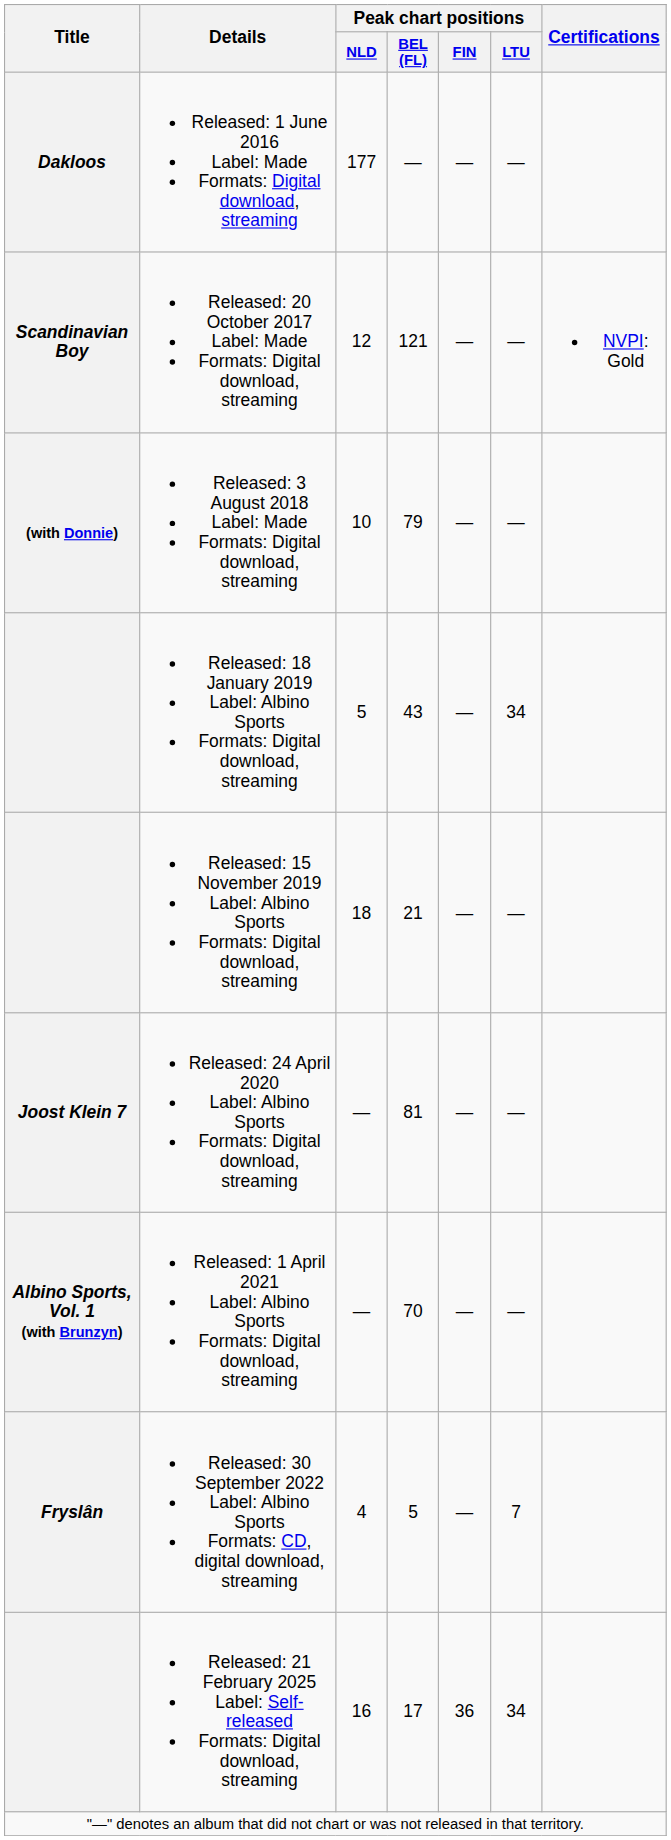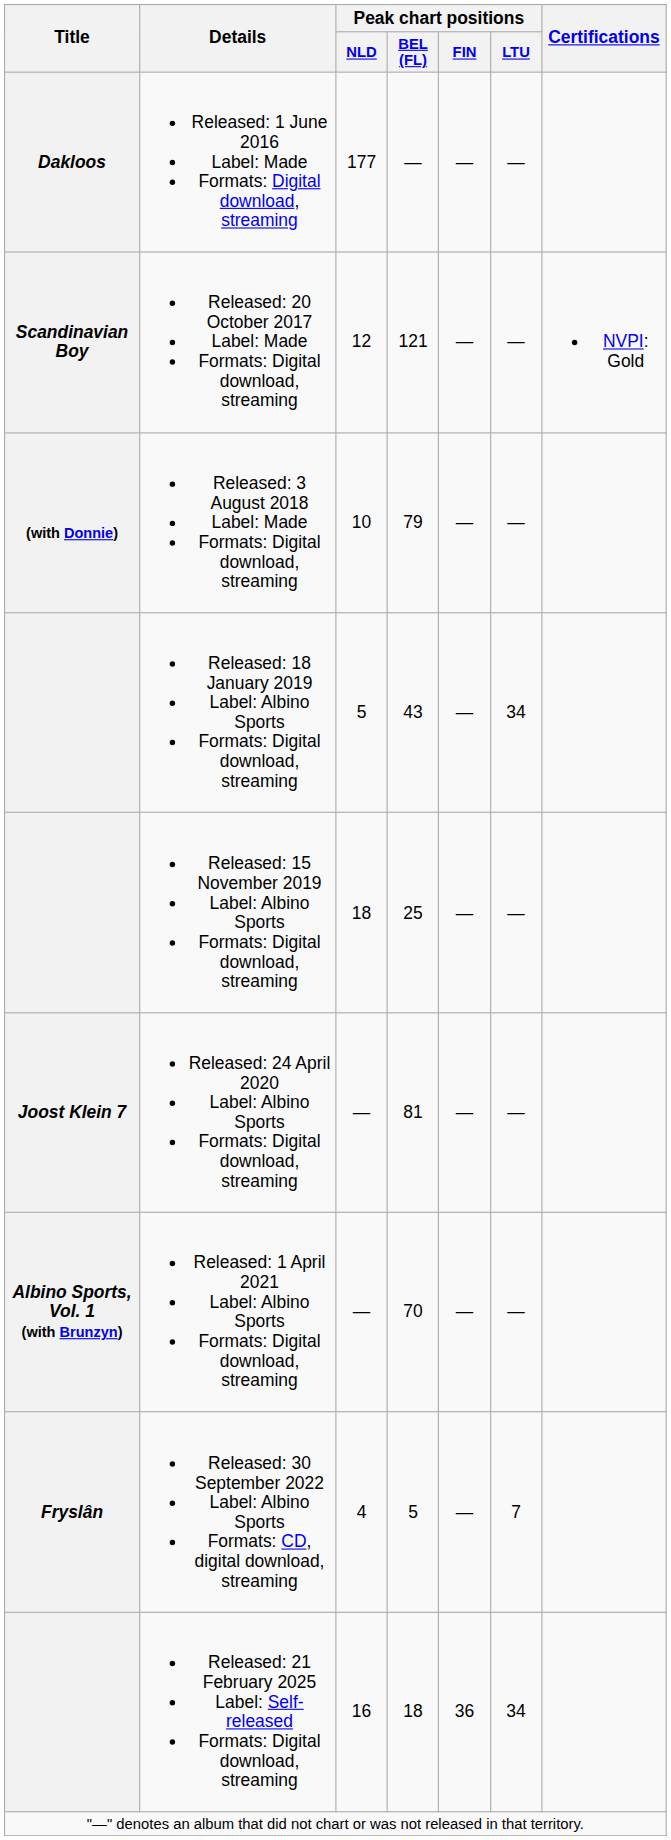 <table class="wikitable plainrowheaders" style="text-align:center;">
 <tr>
 <th scope="col" rowspan="2">Title</th>
 <th scope="col" rowspan="2">Details</th>
 <th scope="col" colspan="4">Peak chart positions</th>
 <th scope="col" rowspan="2"><a href='#'>Certifications</a></th>
 </tr>
 <tr>
 <th scope="col" style="width:3em;font-size:85%;"><a href='#'>NLD</a><br></th>
 <th scope="col" style="width:3em;font-size:85%;"><a href='#'>BEL<br>(FL)</a><br></th>
 <th scope="col" style="width:3em;font-size:85%;"><a href='#'>FIN</a><br></th>
 <th scope="col" style="width:3em;font-size:85%;"><a href='#'>LTU</a><br></th>
 </tr>
 <tr>
 <th scope="row"><em>Dakloos</em></th>
 <td><br><ul><li>Released: 1 June 2016</li><li>Label: Made</li><li>Formats: <a href='#'>Digital download</a>, <a href='#'>streaming</a></li></ul></td>
 <td>177</td>
 <td>—</td>
 <td>—</td>
 <td>—</td>
 <td></td>
 </tr>
 <tr>
 <th scope="row"><em>Scandinavian Boy</em></th>
 <td><br><ul><li>Released: 20 October 2017</li><li>Label: Made</li><li>Formats: Digital download, streaming</li></ul></td>
 <td>12</td>
 <td>121</td>
 <td>—</td>
 <td>—</td>
 <td><br><ul><li><a href='#'>NVPI</a>: Gold</li></ul></td>
 </tr>
 <tr>
 <th scope="row"><em></em><br><small>(with <a href='#'>Donnie</a>)</small></th>
 <td><br><ul><li>Released: 3 August 2018</li><li>Label: Made</li><li>Formats: Digital download, streaming</li></ul></td>
 <td>10</td>
 <td>79</td>
 <td>—</td>
 <td>—</td>
 <td></td>
 </tr>
 <tr>
 <th scope="row"><em></em></th>
 <td><br><ul><li>Released: 18 January 2019</li><li>Label: Albino Sports</li><li>Formats: Digital download, streaming</li></ul></td>
 <td>5</td>
 <td>43</td>
 <td>—</td>
 <td>34</td>
 <td></td>
 </tr>
 <tr>
 <th scope="row"><em></em></th>
 <td><br><ul><li>Released: 15 November 2019</li><li>Label: Albino Sports</li><li>Formats: Digital download, streaming</li></ul></td>
 <td>18</td>
-<td>21</td>
+<td>25</td>
 <td>—</td>
 <td>—</td>
 <td></td>
 </tr>
 <tr>
 <th scope="row"><em>Joost Klein 7</em></th>
 <td><br><ul><li>Released: 24 April 2020</li><li>Label: Albino Sports</li><li>Formats: Digital download, streaming</li></ul></td>
 <td>—</td>
 <td>81</td>
 <td>—</td>
 <td>—</td>
 <td></td>
 </tr>
 <tr>
 <th scope="row"><em>Albino Sports, Vol. 1</em><br><small>(with <a href='#'>Brunzyn</a>)</small></th>
 <td><br><ul><li>Released: 1 April 2021</li><li>Label: Albino Sports</li><li>Formats: Digital download, streaming</li></ul></td>
 <td>—</td>
 <td>70</td>
 <td>—</td>
 <td>—</td>
 <td></td>
 </tr>
 <tr>
 <th scope="row"><em>Fryslân</em></th>
 <td><br><ul><li>Released: 30 September 2022</li><li>Label: Albino Sports</li><li>Formats: <a href='#'>CD</a>, digital download, streaming</li></ul></td>
 <td>4</td>
 <td>5</td>
 <td>—</td>
 <td>7</td>
 <td></td>
 </tr>
 <tr>
 <th scope="row"><em></em></th>
 <td><br><ul><li>Released: 21 February 2025</li><li>Label: <a href='#'>Self-released</a></li><li>Formats: Digital download, streaming</li></ul></td>
 <td>16</td>
-<td>17</td>
+<td>18</td>
 <td>36</td>
 <td>34</td>
 <td></td>
 </tr>
 <tr>
 <td colspan="7" style="font-size:85%">"—" denotes an album that did not chart or was not released in that territory.</td>
 </tr>
 </table>
